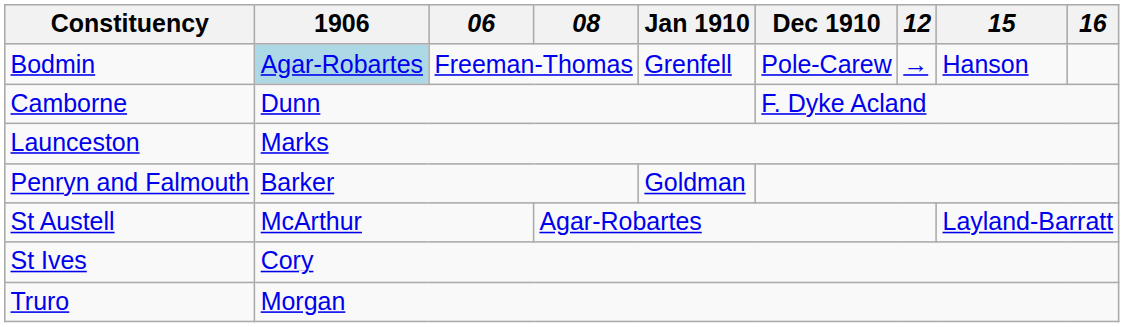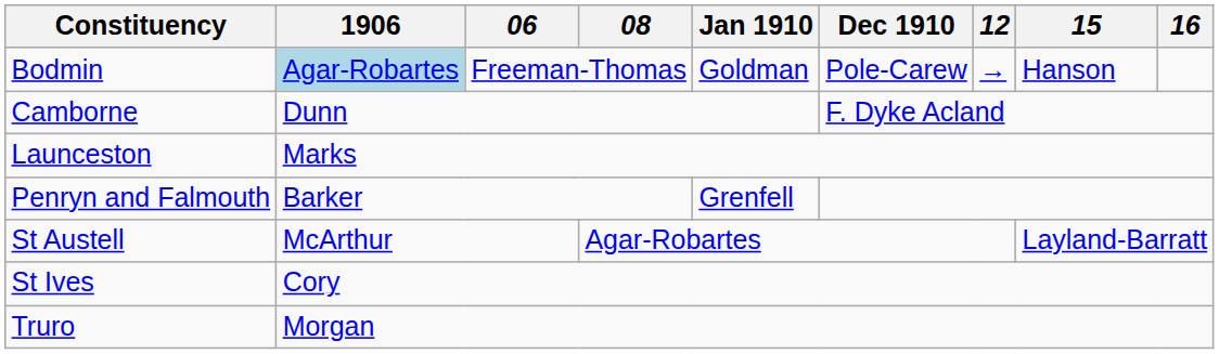 <table class="wikitable">
 <tr>
 <th>Constituency</th>
 <th>1906</th>
 <th><em>06</em></th>
 <th><em>08</em></th>
 <th>Jan 1910</th>
 <th>Dec 1910</th>
 <th><em>12</em></th>
 <th><em>15</em></th>
 <th><em>16</em></th>
 </tr>
 <tr>
 <td><a href='#'>Bodmin</a></td>
 <td style="background: lightblue;"><a href='#'>Agar-Robartes</a></td>
 <td colspan="2"><a href='#'>Freeman-Thomas</a></td>
-<td><a href='#'>Grenfell</a></td>
+<td><a href='#'>Goldman</a></td>
 <td><a href='#'>Pole-Carew</a></td>
 <td><a href='#'>→</a></td>
 <td><a href='#'>Hanson</a></td>
 </tr>
 <tr>
 <td><a href='#'>Camborne</a></td>
 <td colspan="4"><a href='#'>Dunn</a></td>
 <td colspan="4"><a href='#'>F. Dyke Acland</a></td>
 </tr>
 <tr>
 <td><a href='#'>Launceston</a></td>
 <td colspan="8"><a href='#'>Marks</a></td>
 </tr>
 <tr>
 <td><a href='#'>Penryn and Falmouth</a></td>
 <td colspan="3"><a href='#'>Barker</a></td>
-<td><a href='#'>Goldman</a></td>
+<td><a href='#'>Grenfell</a></td>
 </tr>
 <tr>
 <td><a href='#'>St Austell</a></td>
 <td colspan="2"><a href='#'>McArthur</a></td>
 <td colspan="4"><a href='#'>Agar-Robartes</a></td>
 <td colspan="2"><a href='#'>Layland-Barratt</a></td>
 </tr>
 <tr>
 <td><a href='#'>St Ives</a></td>
 <td colspan="8"><a href='#'>Cory</a></td>
 </tr>
 <tr>
 <td><a href='#'>Truro</a></td>
 <td colspan="8"><a href='#'>Morgan</a></td>
 </tr>
 </table>
